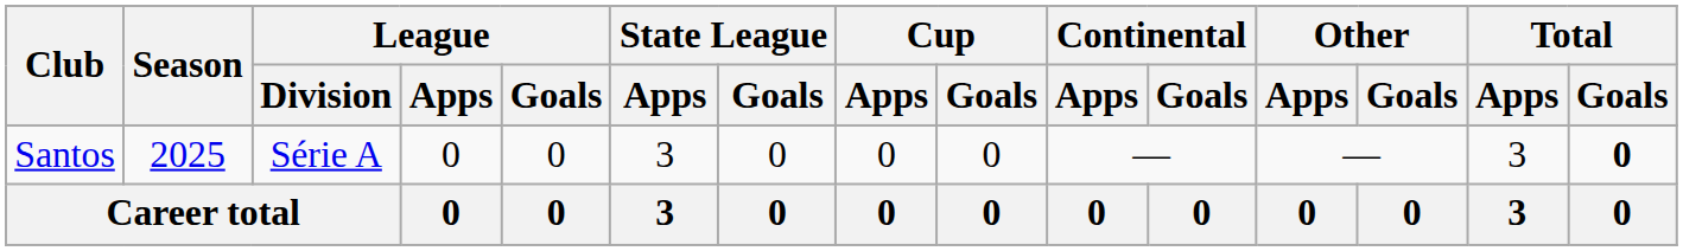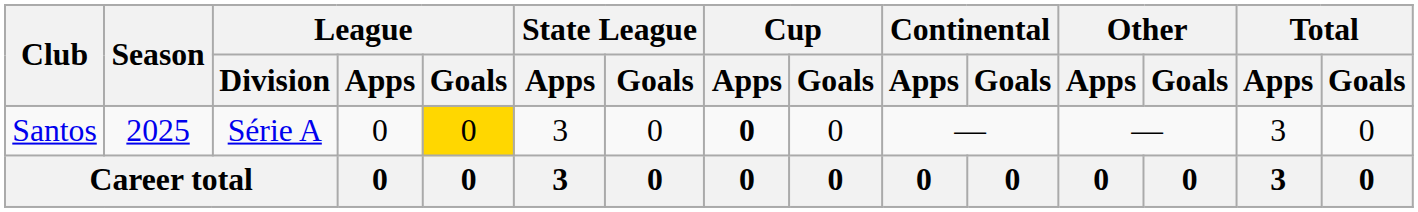 <table class="wikitable" style="text-align: center">
 <tr>
 <th rowspan="2">Club</th>
 <th rowspan="2">Season</th>
 <th colspan="3">League</th>
 <th colspan="2">State League</th>
 <th colspan="2">Cup</th>
 <th colspan="2">Continental</th>
 <th colspan="2">Other</th>
 <th colspan="2">Total</th>
 </tr>
 <tr>
 <th>Division</th>
 <th>Apps</th>
 <th>Goals</th>
 <th>Apps</th>
 <th>Goals</th>
 <th>Apps</th>
 <th>Goals</th>
 <th>Apps</th>
 <th>Goals</th>
 <th>Apps</th>
 <th>Goals</th>
 <th>Apps</th>
 <th>Goals</th>
 </tr>
 <tr>
 <td rowspan="1"><a href='#'>Santos</a></td>
 <td><a href='#'>2025</a></td>
 <td><a href='#'>Série A</a></td>
 <td>0</td>
-<td>0</td>
+<td style="background: gold;">0</td>
 <td>3</td>
 <td>0</td>
-<td>0</td>
+<td><strong>0</strong></td>
 <td>0</td>
 <td colspan="2">—</td>
 <td colspan="2">—</td>
 <td>3</td>
-<td><strong>0</strong></td>
+<td>0</td>
 </tr>
 <tr>
 <th colspan="3"><strong>Career total</strong></th>
 <th>0</th>
 <th>0</th>
 <th>3</th>
 <th>0</th>
 <th>0</th>
 <th>0</th>
 <th>0</th>
 <th>0</th>
 <th>0</th>
 <th>0</th>
 <th>3</th>
 <th>0</th>
 </tr>
 </table>
